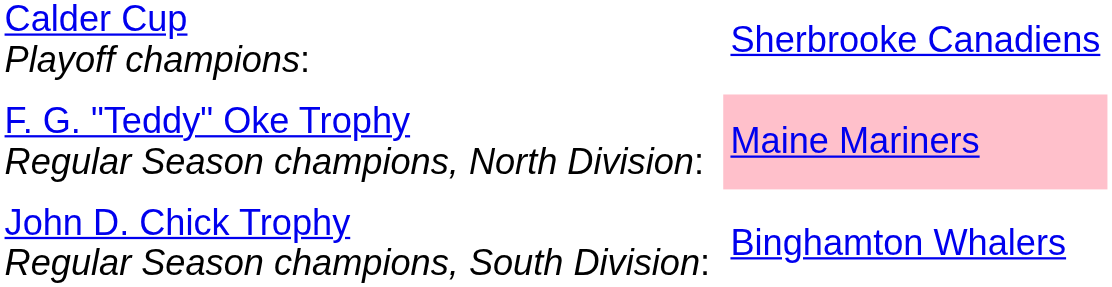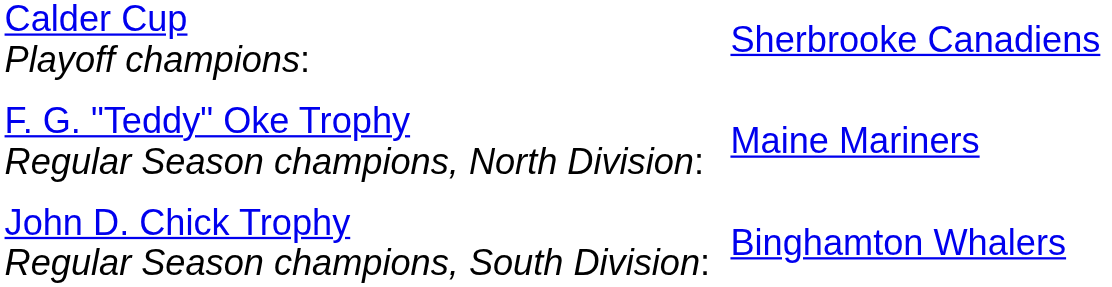 <table cellpadding="3" cellspacing="3">
 <tr>
 <td><a href='#'>Calder Cup</a><br><em>Playoff champions</em>:</td>
 <td><a href='#'>Sherbrooke Canadiens</a></td>
 </tr>
 <tr>
 <td><a href='#'>F. G. "Teddy" Oke Trophy</a><br><em>Regular Season champions, North Division</em>:</td>
-<td style="background: pink;"><a href='#'>Maine Mariners</a></td>
+<td><a href='#'>Maine Mariners</a></td>
 </tr>
 <tr>
 <td><a href='#'>John D. Chick Trophy</a><br><em>Regular Season champions, South Division</em>:</td>
 <td><a href='#'>Binghamton Whalers</a></td>
 </tr>
 </table>
